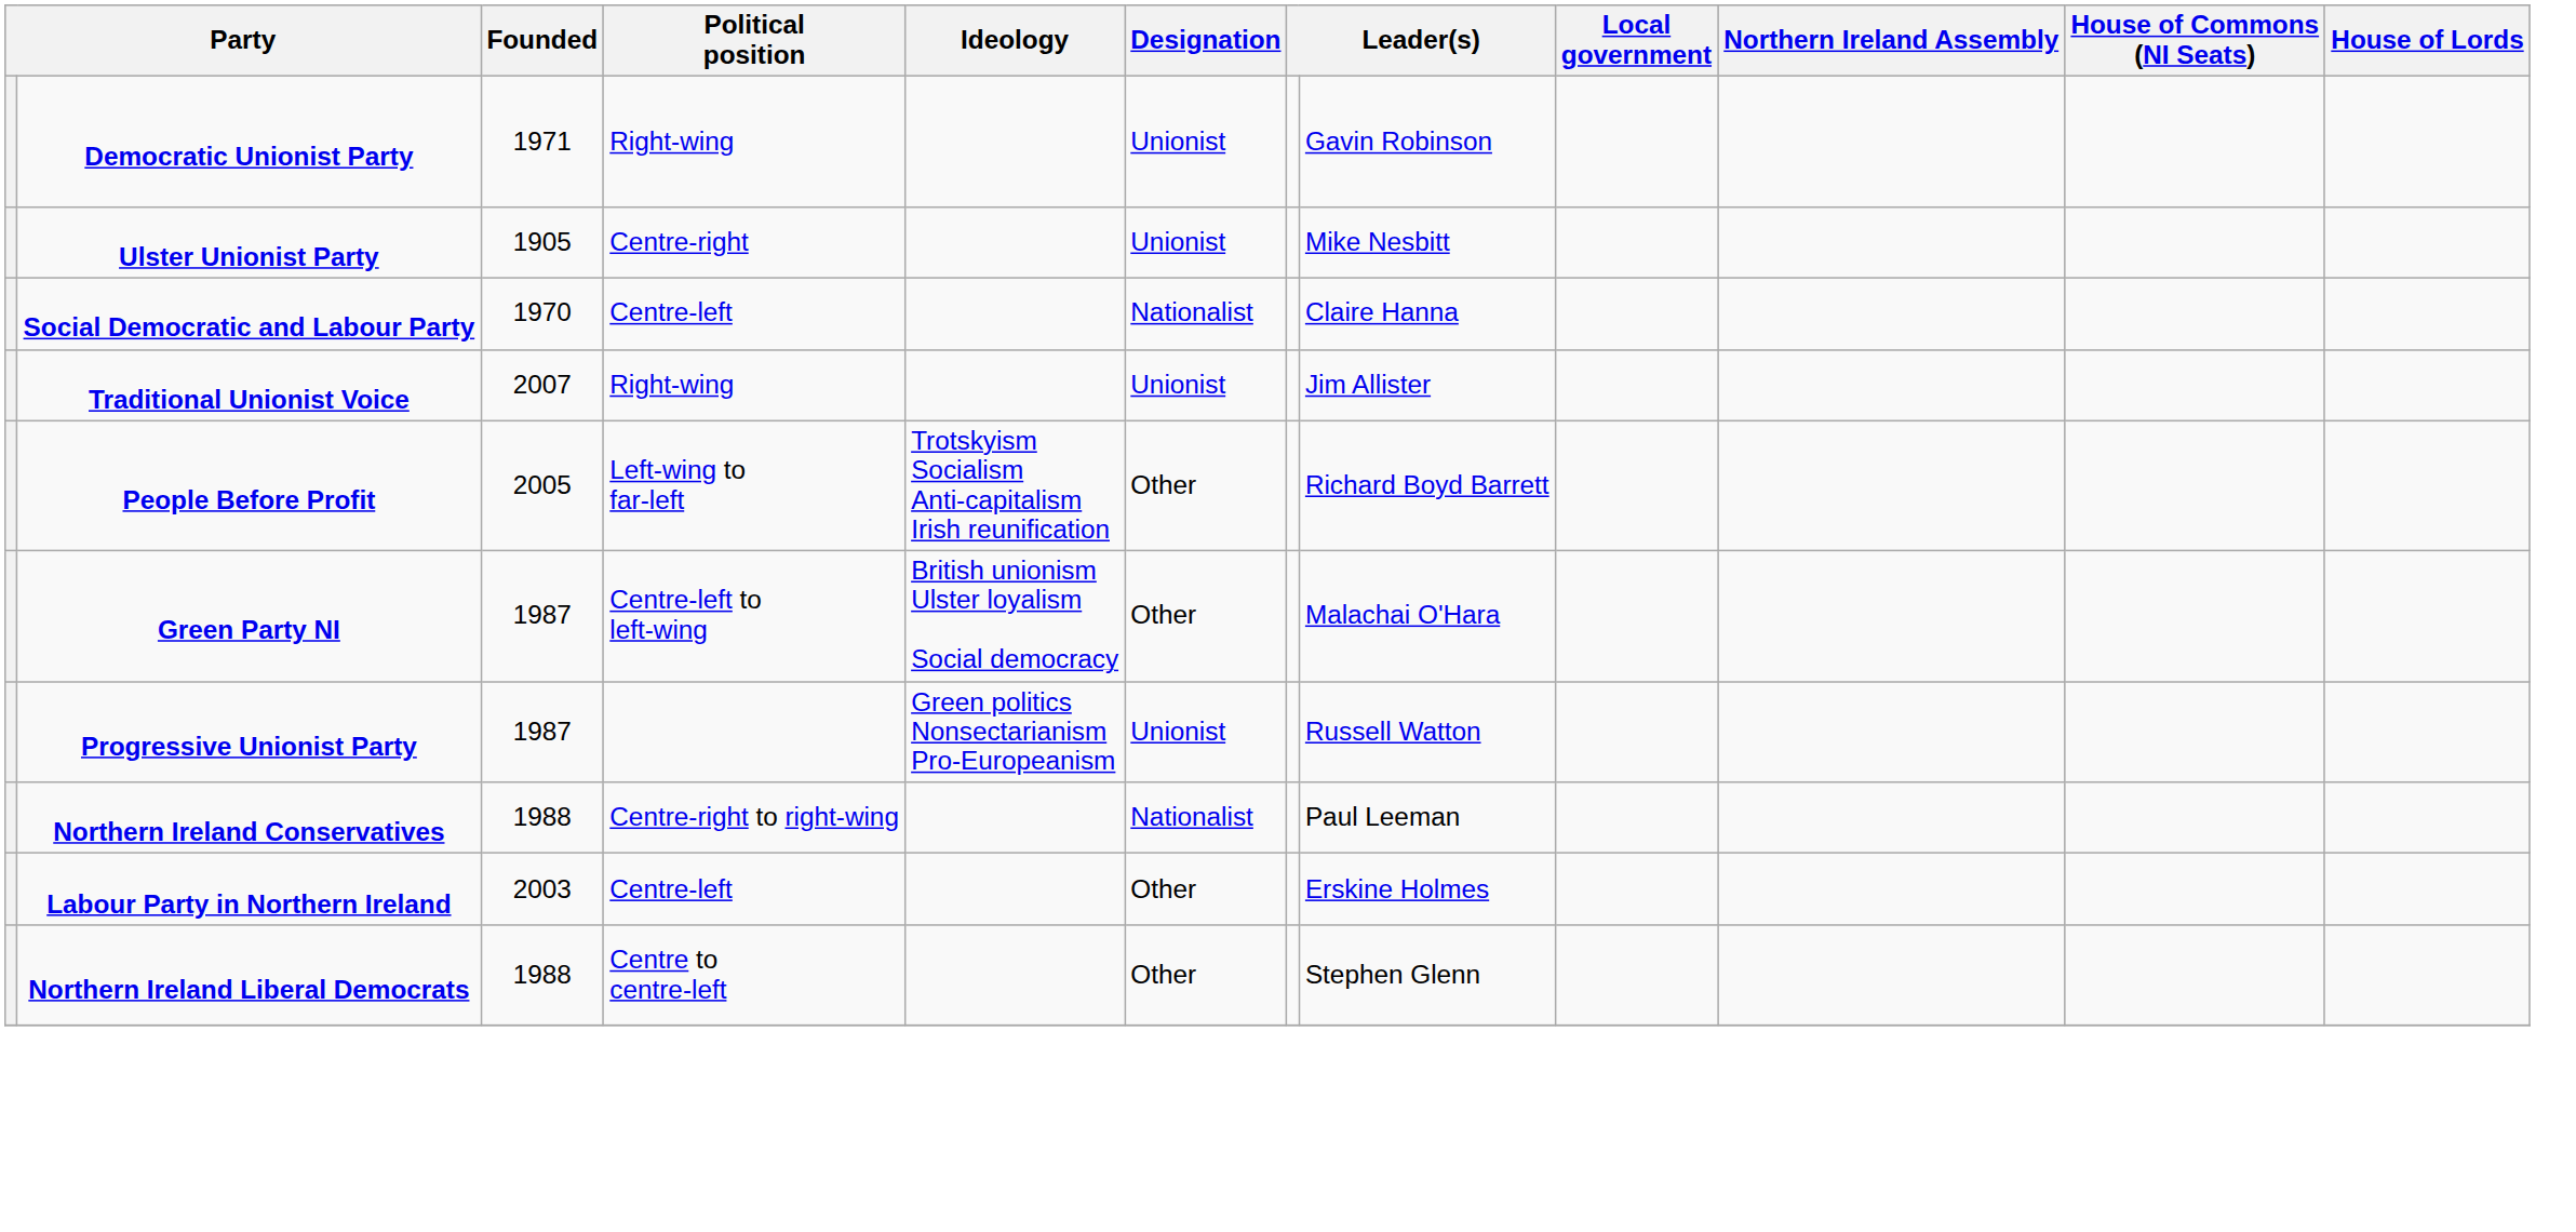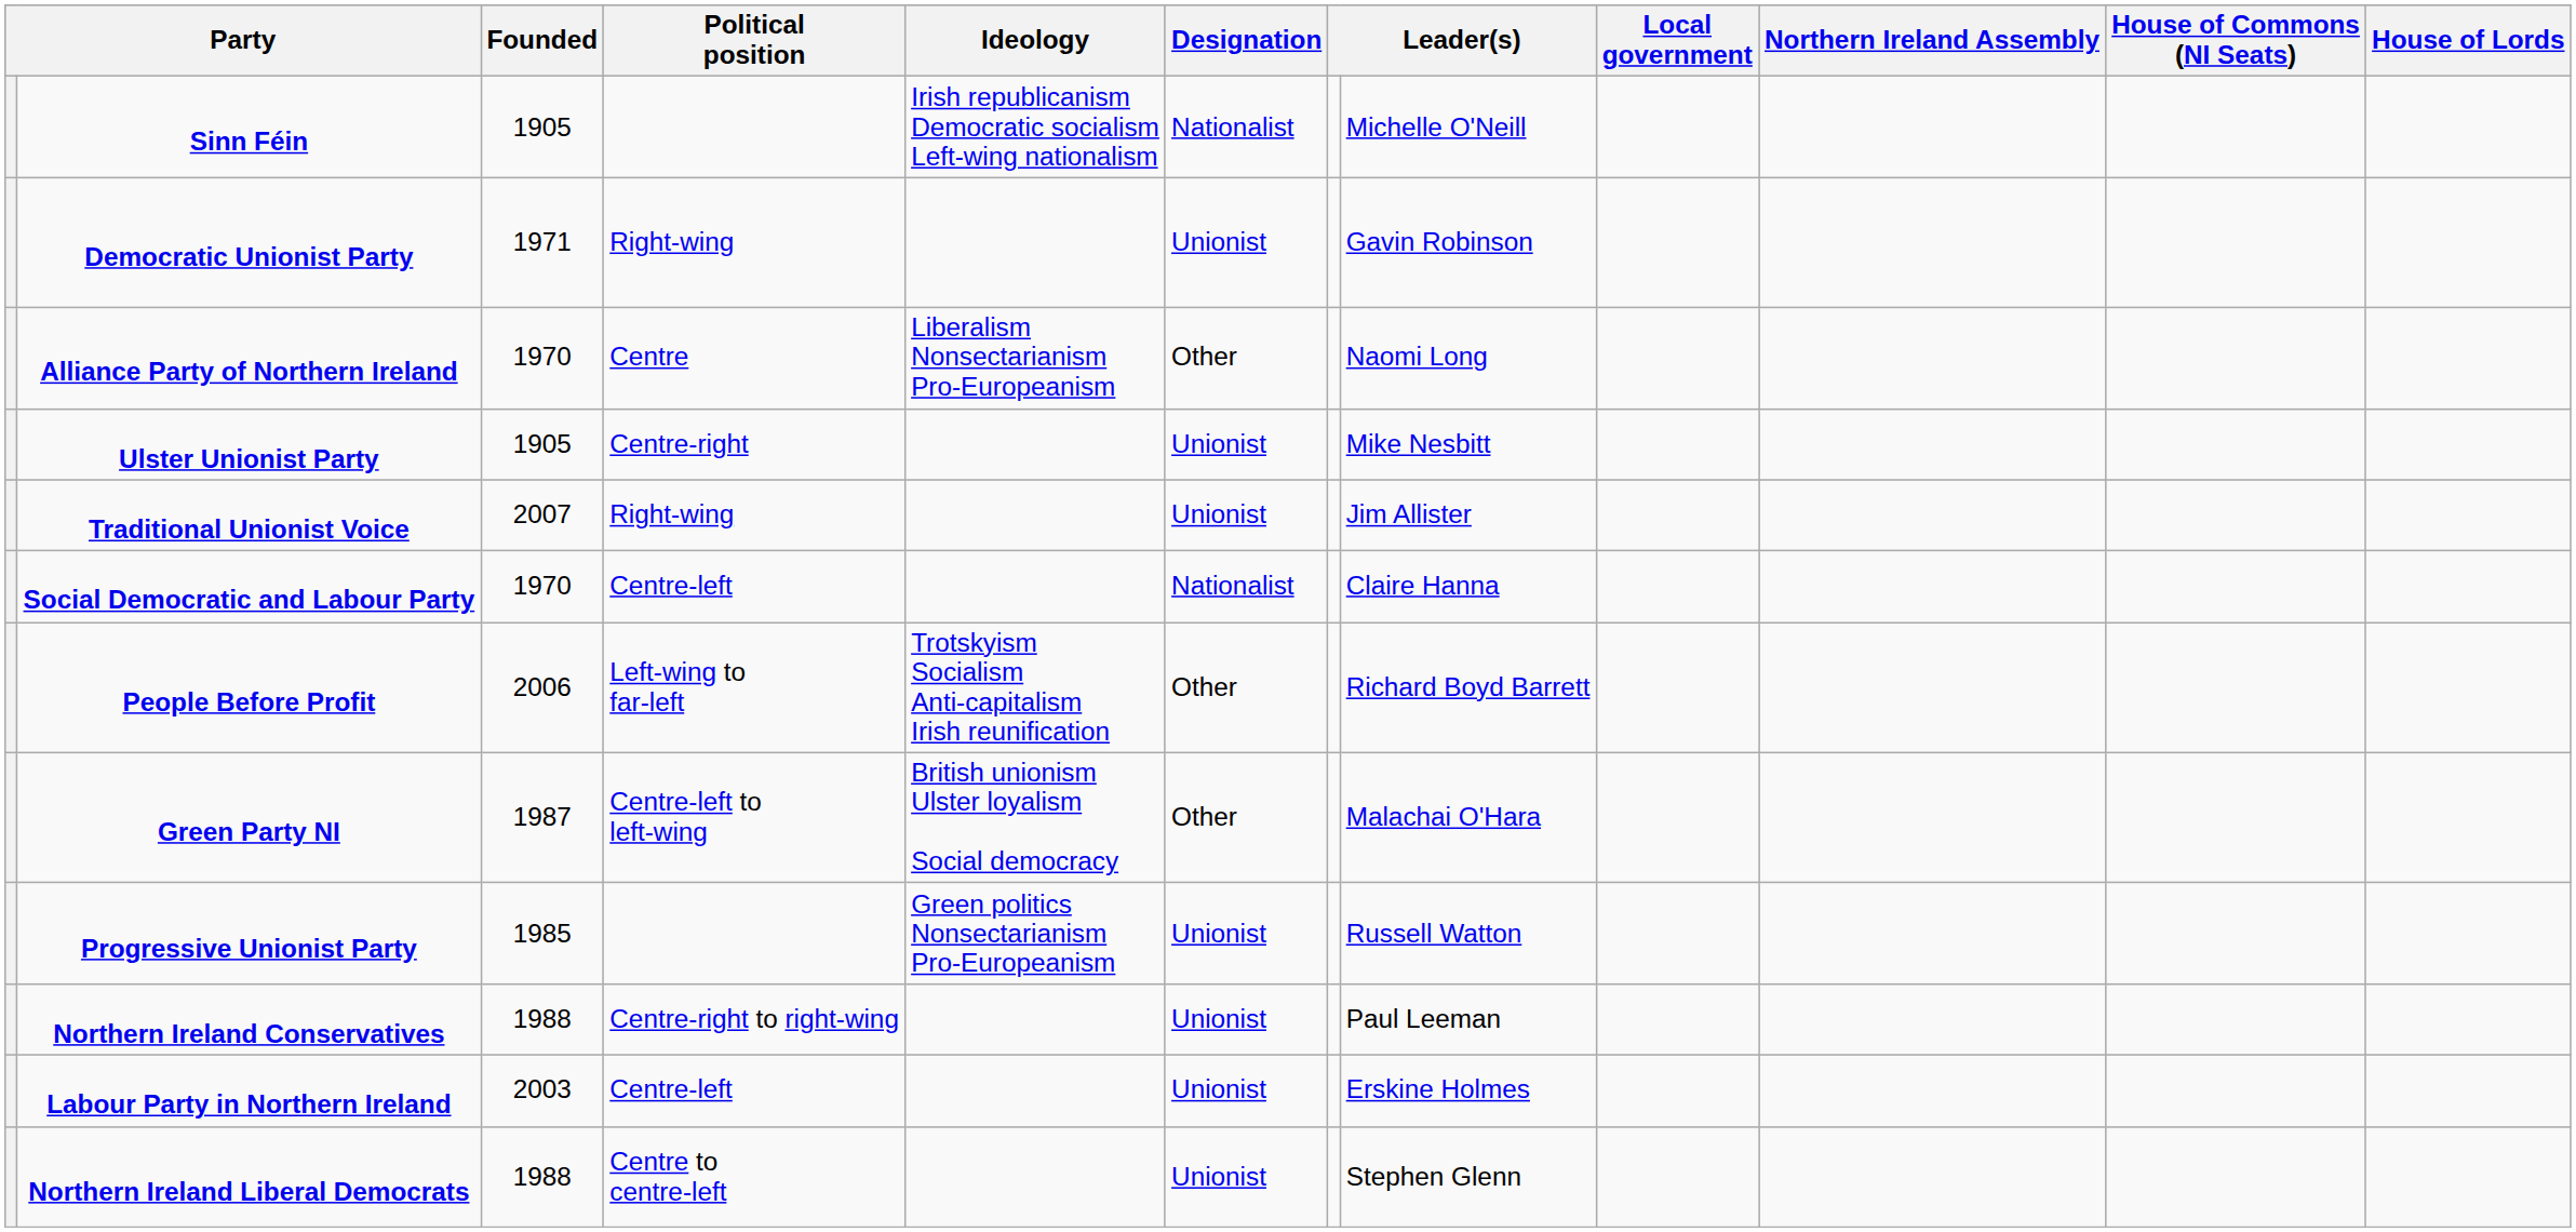 <table class ="wikitable sortable">
 <tr style="background:#ccc;">
 <th colspan="2" scope="col" class="unsortable"  style="width:20px;">Party</th>
 <th>Founded</th>
 <th scope="col" class="unsortable">Political<br>position</th>
 <th scope="col" class="unsortable">Ideology</th>
 <th><a href='#'>Designation</a></th>
 <th colspan="2" class="unsortable">Leader(s)</th>
 <th data-sort-type="number"><a href='#'>Local<br>government</a></th>
 <th data-sort-type="number"><a href='#'>Northern Ireland Assembly</a></th>
 <th data-sort-type="number"><a href='#'>House of Commons</a><br>(<a href='#'>NI Seats</a>)</th>
 <th data-sort-type="number"><a href='#'>House of Lords</a></th>
 </tr>
 <tr>
 <th style="background-color: "></th>
+<td align=center><br> <strong><a href='#'>Sinn Féin</a></strong></td>
+<td align=center>1905</td>
+<td></td>
+<td><a href='#'>Irish republicanism</a><br><a href='#'>Democratic socialism</a><br><a href='#'>Left-wing nationalism</a></td>
+<td><a href='#'>Nationalist</a></td>
+<td></td>
+<td><a href='#'>Michelle O'Neill</a></td>
+<td align=left></td>
+<td align=left></td>
+<td align=left> </td>
+<td></td>
+</tr>
+<tr>
+<th style="background-color: "></th>
 <td align=center><br> <strong><a href='#'>Democratic Unionist Party</a></strong></td>
 <td align=center>1971</td>
 <td><a href='#'>Right-wing</a></td>
 <td><br><br><br><br></td>
 <td><a href='#'>Unionist</a></td>
 <td></td>
 <td><a href='#'>Gavin Robinson</a></td>
+<td align=left></td>
+<td align=left></td>
+<td align=left></td>
+<td align=left></td>
+</tr>
+<tr>
+<th style="background-color: "></th>
+<td align=center><br> <strong><a href='#'>Alliance Party of Northern Ireland</a></strong></td>
+<td align=center>1970</td>
+<td><a href='#'>Centre</a></td>
+<td><a href='#'>Liberalism</a><br><a href='#'>Nonsectarianism</a><br><a href='#'>Pro-Europeanism</a></td>
+<td>Other</td>
+<td></td>
+<td><a href='#'>Naomi Long</a></td>
 <td align=left></td>
 <td align=left></td>
 <td align=left></td>
 <td align=left></td>
 </tr>
 <tr>
 <th style="background-color: "></th>
 <td align=center><br> <strong><a href='#'>Ulster Unionist Party</a></strong></td>
 <td align=center>1905</td>
 <td><a href='#'>Centre-right</a></td>
 <td></td>
 <td><a href='#'>Unionist</a></td>
 <td></td>
 <td><a href='#'>Mike Nesbitt</a></td>
 <td align=left></td>
 <td align=left></td>
 <td align=left></td>
 <td align=left></td>
 </tr>
 <tr>
 <th style="background-color: "></th>
+<td align=center><br> <strong><a href='#'>Traditional Unionist Voice</a></strong></td>
+<td align=center>2007</td>
+<td><a href='#'>Right-wing</a></td>
+<td></td>
+<td><a href='#'>Unionist</a></td>
+<td></td>
+<td><a href='#'>Jim Allister</a></td>
+<td align=left></td>
+<td align=left></td>
+<td align=left></td>
+<td></td>
+</tr>
+<tr>
+<th style="background-color: "></th>
 <td align=center><br> <strong><a href='#'>Social Democratic and Labour Party</a></strong></td>
 <td align=center>1970</td>
 <td><a href='#'>Centre-left</a></td>
 <td></td>
 <td><a href='#'>Nationalist</a></td>
 <td></td>
 <td><a href='#'>Claire Hanna</a></td>
 <td align=left></td>
 <td align=left></td>
 <td align=left></td>
 <td align=left></td>
 </tr>
 <tr>
 <th style="background-color: "></th>
-<td align=center><br> <strong><a href='#'>Traditional Unionist Voice</a></strong></td>
-<td align=center>2007</td>
-<td><a href='#'>Right-wing</a></td>
-<td></td>
-<td><a href='#'>Unionist</a></td>
-<td></td>
-<td><a href='#'>Jim Allister</a></td>
-<td align=left></td>
-<td align=left></td>
-<td align=left></td>
-<td></td>
-</tr>
-<tr>
-<th style="background-color: "></th>
 <td align=center><br> <strong><a href='#'>People Before Profit</a></strong></td>
-<td align=center>2005</td>
+<td align=center>2006</td>
 <td><a href='#'>Left-wing</a> to <br> <a href='#'>far-left</a></td>
 <td><a href='#'>Trotskyism</a><br><a href='#'>Socialism</a><br><a href='#'>Anti-capitalism</a><br><a href='#'>Irish reunification</a></td>
 <td>Other</td>
 <td></td>
 <td><a href='#'>Richard Boyd Barrett</a></td>
 <td align=left></td>
 <td align=left></td>
 <td></td>
 <td></td>
 </tr>
 <tr>
 <th style="background-color: "></th>
 <td align=center><br> <strong><a href='#'>Green Party NI</a></strong></td>
 <td align=center>1987</td>
 <td><a href='#'>Centre-left</a> to <br> <a href='#'>left-wing</a></td>
 <td><a href='#'>British unionism</a><br><a href='#'>Ulster loyalism</a><br><br><a href='#'>Social democracy</a></td>
 <td>Other</td>
 <td></td>
 <td><a href='#'>Malachai O'Hara</a></td>
 <td align=left></td>
 <td></td>
 <td></td>
 <td></td>
 </tr>
 <tr>
 <th style="background-color: "></th>
 <td align=center><br> <strong><a href='#'>Progressive Unionist Party</a></strong></td>
-<td align=center>1987</td>
+<td align=center>1985</td>
 <td></td>
 <td><a href='#'>Green politics</a><br><a href='#'>Nonsectarianism</a><br><a href='#'>Pro-Europeanism</a></td>
 <td><a href='#'>Unionist</a></td>
 <td></td>
 <td><a href='#'>Russell Watton</a></td>
 <td align=left></td>
 <td></td>
 <td></td>
 <td></td>
 </tr>
 <tr>
 <th style="background-color: "></th>
 <td align=center><br> <strong><a href='#'>Northern Ireland Conservatives</a></strong></td>
 <td align=center>1988</td>
 <td><a href='#'>Centre-right</a> to <a href='#'>right-wing</a></td>
 <td><br><br></td>
-<td><a href='#'>Nationalist</a></td>
+<td><a href='#'>Unionist</a></td>
 <td></td>
 <td>Paul Leeman</td>
 <td></td>
 <td></td>
 <td></td>
 <td align=left></td>
 </tr>
 <tr>
 <th style="background-color: "></th>
 <td align=center><br> <strong><a href='#'>Labour Party in Northern Ireland</a></strong></td>
 <td align=center>2003</td>
 <td><a href='#'>Centre-left</a></td>
 <td></td>
-<td>Other</td>
+<td><a href='#'>Unionist</a></td>
 <td></td>
 <td><a href='#'>Erskine Holmes</a></td>
 <td></td>
 <td></td>
 <td></td>
 <td align=left></td>
 </tr>
 <tr>
 <th style="background-color: "></th>
 <td align=center><br> <strong><a href='#'>Northern Ireland Liberal Democrats</a></strong></td>
 <td align=center>1988</td>
 <td><a href='#'>Centre</a> to <br> <a href='#'>centre-left</a></td>
 <td><br><br><br></td>
-<td>Other</td>
+<td><a href='#'>Unionist</a></td>
 <td></td>
 <td>Stephen Glenn</td>
 <td></td>
 <td></td>
 <td></td>
 <td align=left></td>
 </tr>
 <tr>
 </tr>
 </table>
